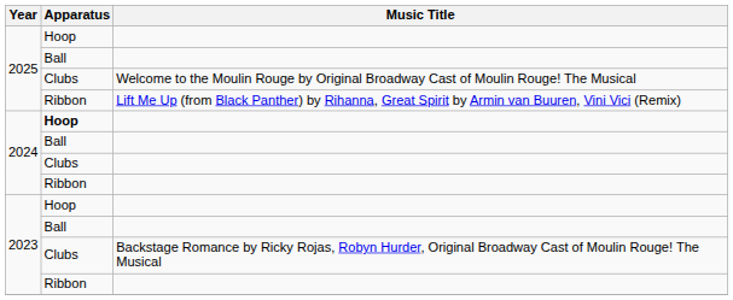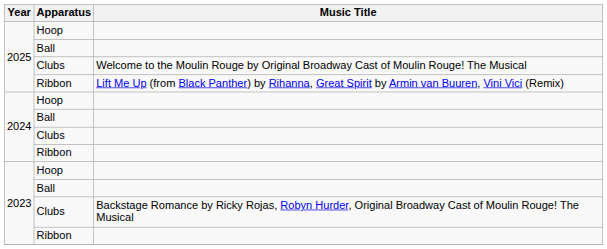 <table class="wikitable">
 <tr>
 <th>Year</th>
 <th>Apparatus</th>
 <th>Music Title</th>
 </tr>
 <tr>
 <td rowspan="4">2025</td>
 <td>Hoop</td>
 <td></td>
 </tr>
 <tr>
 <td>Ball</td>
 <td></td>
 </tr>
 <tr>
 <td>Clubs</td>
 <td>Welcome to the Moulin Rouge by Original Broadway Cast of Moulin Rouge! The Musical</td>
 </tr>
 <tr>
 <td>Ribbon</td>
 <td><a href='#'>Lift Me Up</a> (from <a href='#'>Black Panther</a>) by <a href='#'>Rihanna</a>, <a href='#'>Great Spirit</a> by <a href='#'>Armin van Buuren</a>, <a href='#'>Vini Vici</a> (Remix)</td>
 </tr>
 <tr>
 <td rowspan="4">2024</td>
-<td><strong>Hoop</strong></td>
+<td>Hoop</td>
 <td></td>
 </tr>
 <tr>
 <td>Ball</td>
 <td></td>
 </tr>
 <tr>
 <td>Clubs</td>
 <td></td>
 </tr>
 <tr>
 <td>Ribbon</td>
 <td></td>
 </tr>
 <tr>
 <td rowspan="4">2023</td>
 <td>Hoop</td>
 <td></td>
 </tr>
 <tr>
 <td>Ball</td>
 <td></td>
 </tr>
 <tr>
 <td>Clubs</td>
 <td>Backstage Romance by Ricky Rojas, <a href='#'>Robyn Hurder</a>, Original Broadway Cast of Moulin Rouge! The Musical</td>
 </tr>
 <tr>
 <td>Ribbon</td>
 <td></td>
 </tr>
 <tr>
 </tr>
 </table>
